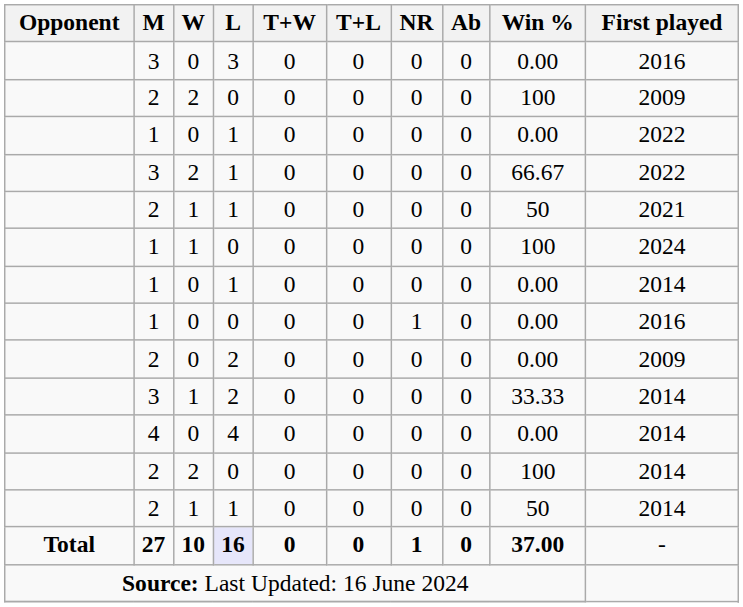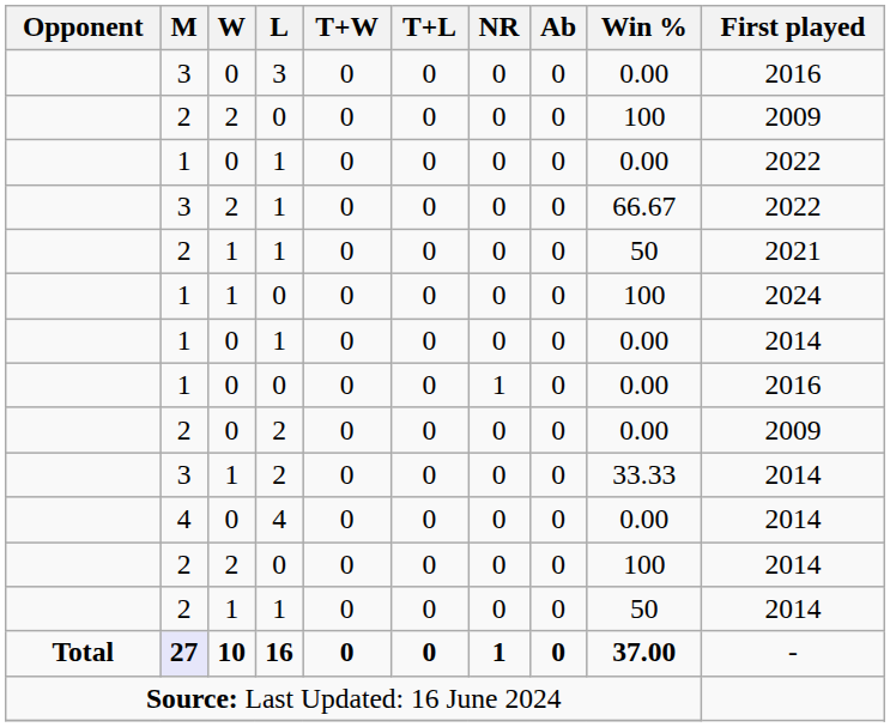 <table class="wikitable" style="text-align: center; width: 500px;">
 <tr>
 <th>Opponent</th>
 <th>M</th>
 <th>W</th>
 <th>L</th>
 <th>T+W</th>
 <th>T+L</th>
 <th>NR</th>
 <th>Ab</th>
 <th>Win %</th>
 <th>First played</th>
 </tr>
 <tr>
 <td align="left"></td>
 <td>3</td>
 <td>0</td>
 <td>3</td>
 <td>0</td>
 <td>0</td>
 <td>0</td>
 <td>0</td>
 <td>0.00</td>
 <td>2016</td>
 </tr>
 <tr>
 <td align="left"></td>
 <td>2</td>
 <td>2</td>
 <td>0</td>
 <td>0</td>
 <td>0</td>
 <td>0</td>
 <td>0</td>
 <td>100</td>
 <td>2009</td>
 </tr>
 <tr>
 <td align="left"></td>
 <td>1</td>
 <td>0</td>
 <td>1</td>
 <td>0</td>
 <td>0</td>
 <td>0</td>
 <td>0</td>
 <td>0.00</td>
 <td>2022</td>
 </tr>
 <tr>
 <td align="left"></td>
 <td>3</td>
 <td>2</td>
 <td>1</td>
 <td>0</td>
 <td>0</td>
 <td>0</td>
 <td>0</td>
 <td>66.67</td>
 <td>2022</td>
 </tr>
 <tr>
 <td align="left"></td>
 <td>2</td>
 <td>1</td>
 <td>1</td>
 <td>0</td>
 <td>0</td>
 <td>0</td>
 <td>0</td>
 <td>50</td>
 <td>2021</td>
 </tr>
 <tr>
 <td align="left"></td>
 <td>1</td>
 <td>1</td>
 <td>0</td>
 <td>0</td>
 <td>0</td>
 <td>0</td>
 <td>0</td>
 <td>100</td>
 <td>2024</td>
 </tr>
 <tr>
 <td align="left"></td>
 <td>1</td>
 <td>0</td>
 <td>1</td>
 <td>0</td>
 <td>0</td>
 <td>0</td>
 <td>0</td>
 <td>0.00</td>
 <td>2014</td>
 </tr>
 <tr>
 <td align="left"></td>
 <td>1</td>
 <td>0</td>
 <td>0</td>
 <td>0</td>
 <td>0</td>
 <td>1</td>
 <td>0</td>
 <td>0.00</td>
 <td>2016</td>
 </tr>
 <tr>
 <td align="left"></td>
 <td>2</td>
 <td>0</td>
 <td>2</td>
 <td>0</td>
 <td>0</td>
 <td>0</td>
 <td>0</td>
 <td>0.00</td>
 <td>2009</td>
 </tr>
 <tr>
 <td align="left"></td>
 <td>3</td>
 <td>1</td>
 <td>2</td>
 <td>0</td>
 <td>0</td>
 <td>0</td>
 <td>0</td>
 <td>33.33</td>
 <td>2014</td>
 </tr>
 <tr>
 <td align="left"></td>
 <td>4</td>
 <td>0</td>
 <td>4</td>
 <td>0</td>
 <td>0</td>
 <td>0</td>
 <td>0</td>
 <td>0.00</td>
 <td>2014</td>
 </tr>
 <tr>
 <td align="left"></td>
 <td>2</td>
 <td>2</td>
 <td>0</td>
 <td>0</td>
 <td>0</td>
 <td>0</td>
 <td>0</td>
 <td>100</td>
 <td>2014</td>
 </tr>
 <tr>
 <td align="left"></td>
 <td>2</td>
 <td>1</td>
 <td>1</td>
 <td>0</td>
 <td>0</td>
 <td>0</td>
 <td>0</td>
 <td>50</td>
 <td>2014</td>
 </tr>
 <tr>
 <td><strong>Total</strong></td>
-<td><strong>27</strong></td>
+<td style="background: lavender;"><strong>27</strong></td>
 <td><strong>10</strong></td>
-<td style="background: lavender;"><strong>16</strong></td>
+<td><strong>16</strong></td>
 <td><strong>0</strong></td>
 <td><strong>0</strong></td>
 <td><strong>1</strong></td>
 <td><strong>0</strong></td>
 <td><strong>37.00</strong></td>
 <td>-</td>
 </tr>
 <tr>
 <td colspan="9"><strong>Source:</strong> Last Updated: 16 June 2024</td>
 </tr>
 <tr>
 </tr>
 </table>
